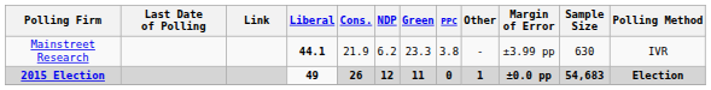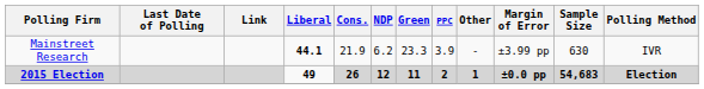 <table class="wikitable sortable" style="text-align:center;font-size:90%;line-height:14px;">
 <tr style="background:#e9e9e9;">
 <th style="width:120px">Polling Firm</th>
 <th style="width:110px">Last Date<br>of Polling</th>
 <th style="width:60px" class="unsortable">Link</th>
 <th style="background-color:"><strong><a href='#'>Liberal</a></strong></th>
 <th style="background-color:"><strong><a href='#'>Cons.</a></strong></th>
 <th style="background-color:"><strong><a href='#'>NDP</a></strong></th>
 <th style="background-color:"><strong><a href='#'>Green</a></strong></th>
 <th style="background-color:"><strong><small><a href='#'>PPC</a></small></strong></th>
 <th style="background-color:"><strong>Other</strong></th>
 <th style="width:60px;" class=unsortable>Margin<br>of Error</th>
 <th style="width:50px;" class=unsortable>Sample<br>Size</th>
 <th class=unsortable>Polling Method</th>
 </tr>
 <tr>
 <td><a href='#'>Mainstreet Research</a></td>
 <td></td>
 <td></td>
 <td><strong>44.1</strong></td>
 <td>21.9</td>
 <td>6.2</td>
 <td>23.3</td>
-<td>3.8</td>
+<td>3.9</td>
 <td>-</td>
 <td>±3.99 pp</td>
 <td>630</td>
 <td>IVR</td>
 </tr>
 <tr>
 <td style="background:#D5D5D5"><strong><a href='#'>2015 Election</a></strong></td>
 <td style="background:#D5D5D5"><strong></strong></td>
 <td style="background:#D5D5D5"></td>
 <td><strong>49</strong></td>
 <td style="background:#D5D5D5"><strong>26</strong></td>
 <td style="background:#D5D5D5"><strong>12</strong></td>
 <td style="background:#D5D5D5"><strong>11</strong></td>
-<td style="background:#D5D5D5"><strong>0</strong></td>
+<td style="background:#D5D5D5"><strong>2</strong></td>
 <td style="background:#D5D5D5"><strong>1</strong></td>
 <td style="background:#D5D5D5"><strong>±0.0 pp</strong></td>
 <td style="background:#D5D5D5"><strong>54,683</strong></td>
 <td style="background:#D5D5D5"><strong>Election</strong></td>
 </tr>
 <tr>
 </tr>
 <tr>
 </tr>
 </table>
